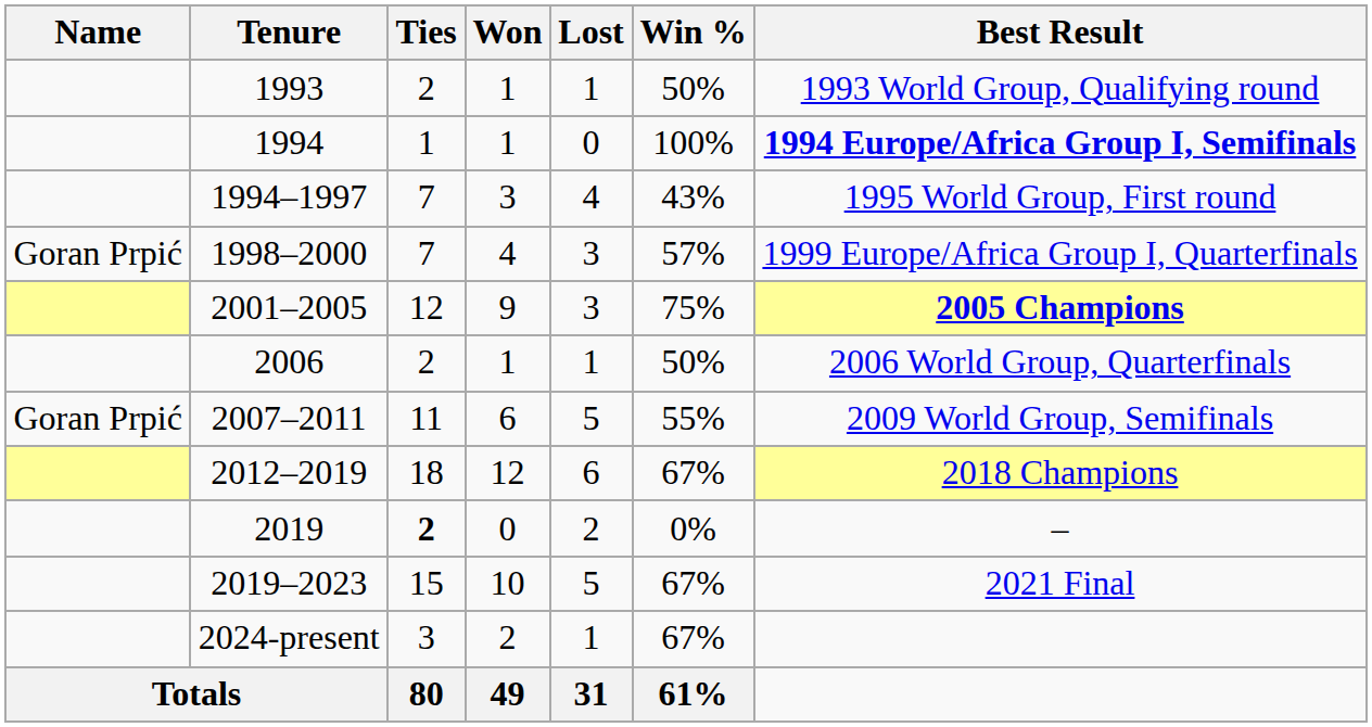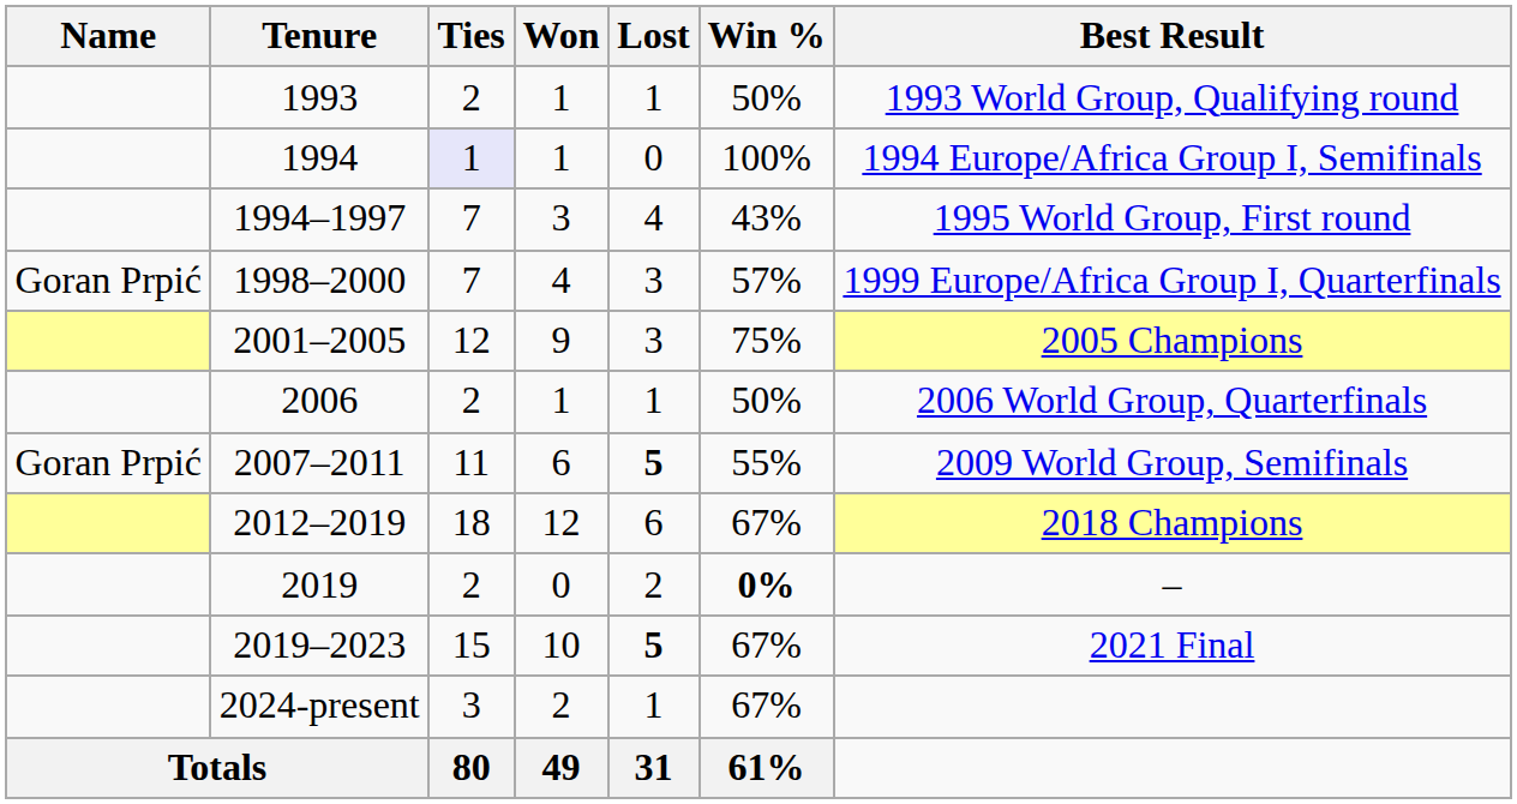 <table class="wikitable sortable" style="text-align: center;">
 <tr>
 <th>Name</th>
 <th>Tenure</th>
 <th>Ties</th>
 <th>Won</th>
 <th>Lost</th>
 <th>Win %</th>
 <th class="unsortable">Best Result</th>
 </tr>
 <tr>
 <td style="text-align: left;"> </td>
 <td>1993</td>
 <td>2</td>
 <td>1</td>
 <td>1</td>
 <td>50%</td>
 <td><a href='#'>1993 World Group, Qualifying round</a></td>
 </tr>
 <tr>
 <td style="text-align: left;"> </td>
 <td>1994</td>
-<td>1</td>
+<td style="background: lavender;">1</td>
 <td>1</td>
 <td>0</td>
 <td>100%</td>
-<td><strong><a href='#'>1994 Europe/Africa Group I, Semifinals</a></strong></td>
+<td><a href='#'>1994 Europe/Africa Group I, Semifinals</a></td>
 </tr>
 <tr>
 <td style="text-align: left;"> </td>
 <td>1994–1997</td>
 <td>7</td>
 <td>3</td>
 <td>4</td>
 <td>43%</td>
 <td><a href='#'>1995 World Group, First round</a></td>
 </tr>
 <tr>
 <td style="text-align: left;"> Goran Prpić</td>
 <td>1998–2000</td>
 <td>7</td>
 <td>4</td>
 <td>3</td>
 <td>57%</td>
 <td><a href='#'>1999 Europe/Africa Group I, Quarterfinals</a></td>
 </tr>
 <tr>
 <td align="left" style="background-color: #ffff99;"> </td>
 <td>2001–2005</td>
 <td>12</td>
 <td>9</td>
 <td>3</td>
 <td>75%</td>
-<td style="background-color:#FFFF99"><strong><a href='#'>2005 Champions</a></strong></td>
+<td style="background-color:#FFFF99"><a href='#'>2005 Champions</a></td>
 </tr>
 <tr>
 <td style="text-align: left;"> </td>
 <td>2006</td>
 <td>2</td>
 <td>1</td>
 <td>1</td>
 <td>50%</td>
 <td><a href='#'>2006 World Group, Quarterfinals</a></td>
 </tr>
 <tr>
 <td style="text-align: left;"> Goran Prpić</td>
 <td>2007–2011</td>
 <td>11</td>
 <td>6</td>
-<td>5</td>
+<td><strong>5</strong></td>
 <td>55%</td>
 <td><a href='#'>2009 World Group, Semifinals</a></td>
 </tr>
 <tr>
 <td align="left" style="background-color: #ffff99;"> </td>
 <td>2012–2019</td>
 <td>18</td>
 <td>12</td>
 <td>6</td>
 <td>67%</td>
 <td style="background-color:#FFFF99"><a href='#'>2018 Champions</a></td>
 </tr>
 <tr>
 <td style="text-align: left;"> </td>
 <td>2019</td>
-<td><strong>2</strong></td>
+<td>2</td>
 <td>0</td>
 <td>2</td>
-<td>0%</td>
+<td><strong>0%</strong></td>
 <td>–</td>
 </tr>
 <tr>
 <td style="text-align: left;"> </td>
 <td>2019–2023</td>
 <td>15</td>
 <td>10</td>
-<td>5</td>
+<td><strong>5</strong></td>
 <td>67%</td>
 <td><a href='#'>2021 Final</a></td>
 </tr>
 <tr>
 <td style="text-align: left;"> </td>
 <td>2024-present</td>
 <td>3</td>
 <td>2</td>
 <td>1</td>
 <td>67%</td>
 <td></td>
 </tr>
 <tr>
 <th colspan="2">Totals</th>
 <th>80</th>
 <th>49</th>
 <th>31</th>
 <th>61%</th>
 </tr>
 </table>
